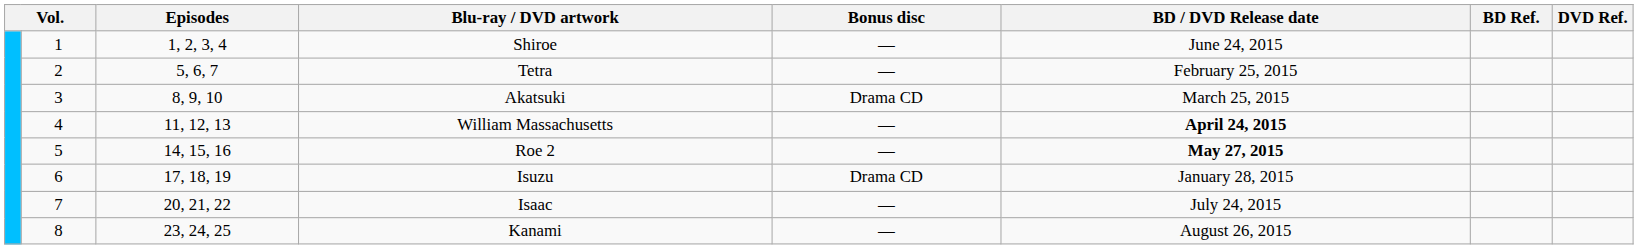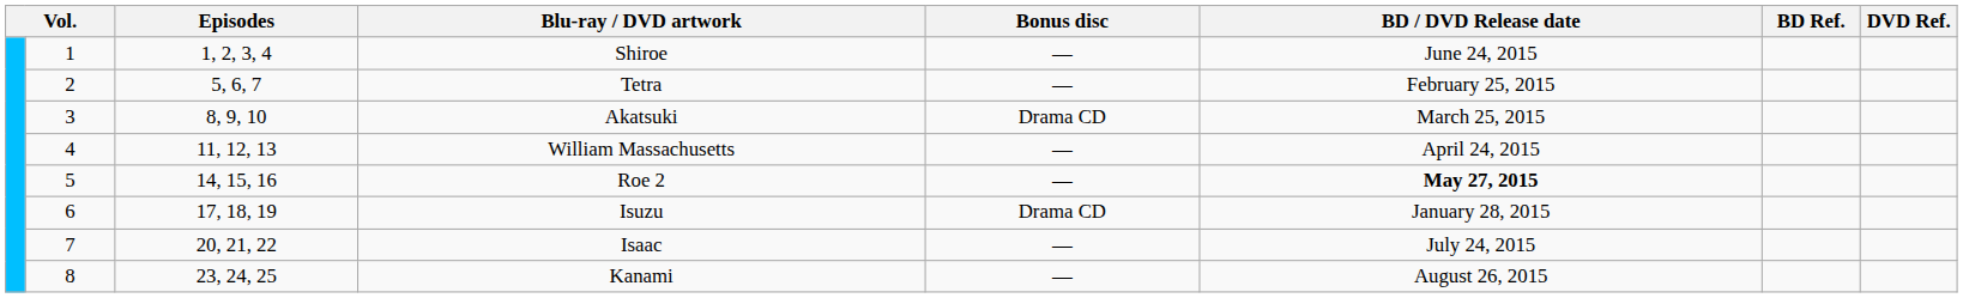 <table class="wikitable" style="text-align: center; width: 98%;">
 <tr>
 <th colspan="2">Vol.</th>
 <th>Episodes</th>
 <th>Blu-ray / DVD artwork</th>
 <th>Bonus disc</th>
 <th>BD / DVD Release date</th>
 <th width="5%">BD Ref.</th>
 <th width="5%">DVD Ref.</th>
 </tr>
 <tr>
 <td rowspan="10" width="1%" style="background: DeepSkyBlue;"></td>
 <td>1</td>
 <td>1, 2, 3, 4</td>
 <td>Shiroe</td>
 <td>—</td>
 <td>June 24, 2015</td>
 <td></td>
 <td></td>
 </tr>
 <tr>
 <td>2</td>
 <td>5, 6, 7</td>
 <td>Tetra</td>
 <td>—</td>
 <td>February 25, 2015</td>
 <td></td>
 <td></td>
 </tr>
 <tr>
 <td>3</td>
 <td>8, 9, 10</td>
 <td>Akatsuki</td>
 <td>Drama CD</td>
 <td>March 25, 2015</td>
 <td></td>
 <td></td>
 </tr>
 <tr>
 <td>4</td>
 <td>11, 12, 13</td>
 <td>William Massachusetts</td>
 <td>—</td>
-<td><strong>April 24, 2015</strong></td>
+<td>April 24, 2015</td>
 <td></td>
 <td></td>
 </tr>
 <tr>
 <td>5</td>
 <td>14, 15, 16</td>
 <td>Roe 2</td>
 <td>—</td>
 <td><strong>May 27, 2015</strong></td>
 <td></td>
 <td></td>
 </tr>
 <tr>
 <td>6</td>
 <td>17, 18, 19</td>
 <td>Isuzu</td>
 <td>Drama CD</td>
 <td>January 28, 2015</td>
 <td></td>
 <td></td>
 </tr>
 <tr>
 <td>7</td>
 <td>20, 21, 22</td>
 <td>Isaac</td>
 <td>—</td>
 <td>July 24, 2015</td>
 <td></td>
 <td></td>
 </tr>
 <tr>
 <td>8</td>
 <td>23, 24, 25</td>
 <td>Kanami</td>
 <td>—</td>
 <td>August 26, 2015</td>
 <td></td>
 <td></td>
 </tr>
 </table>
